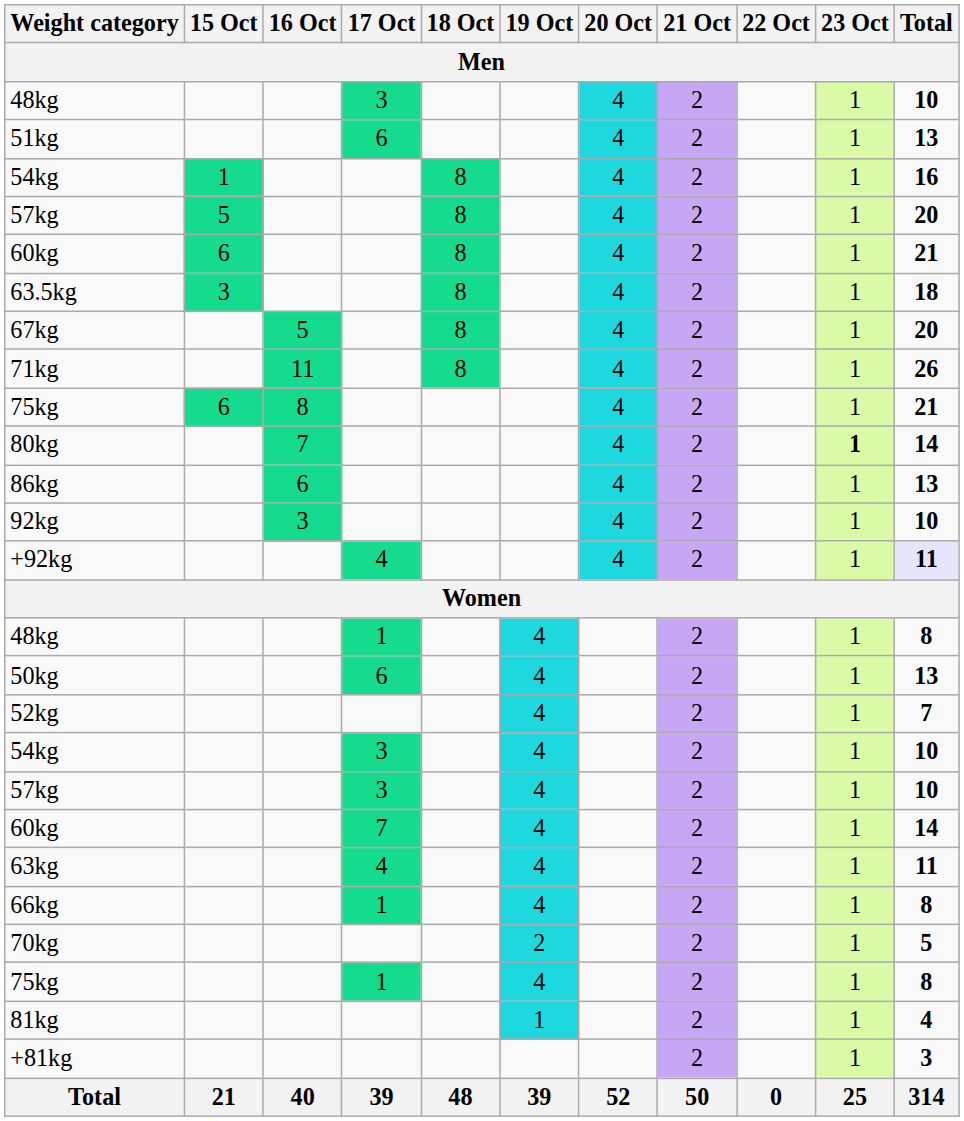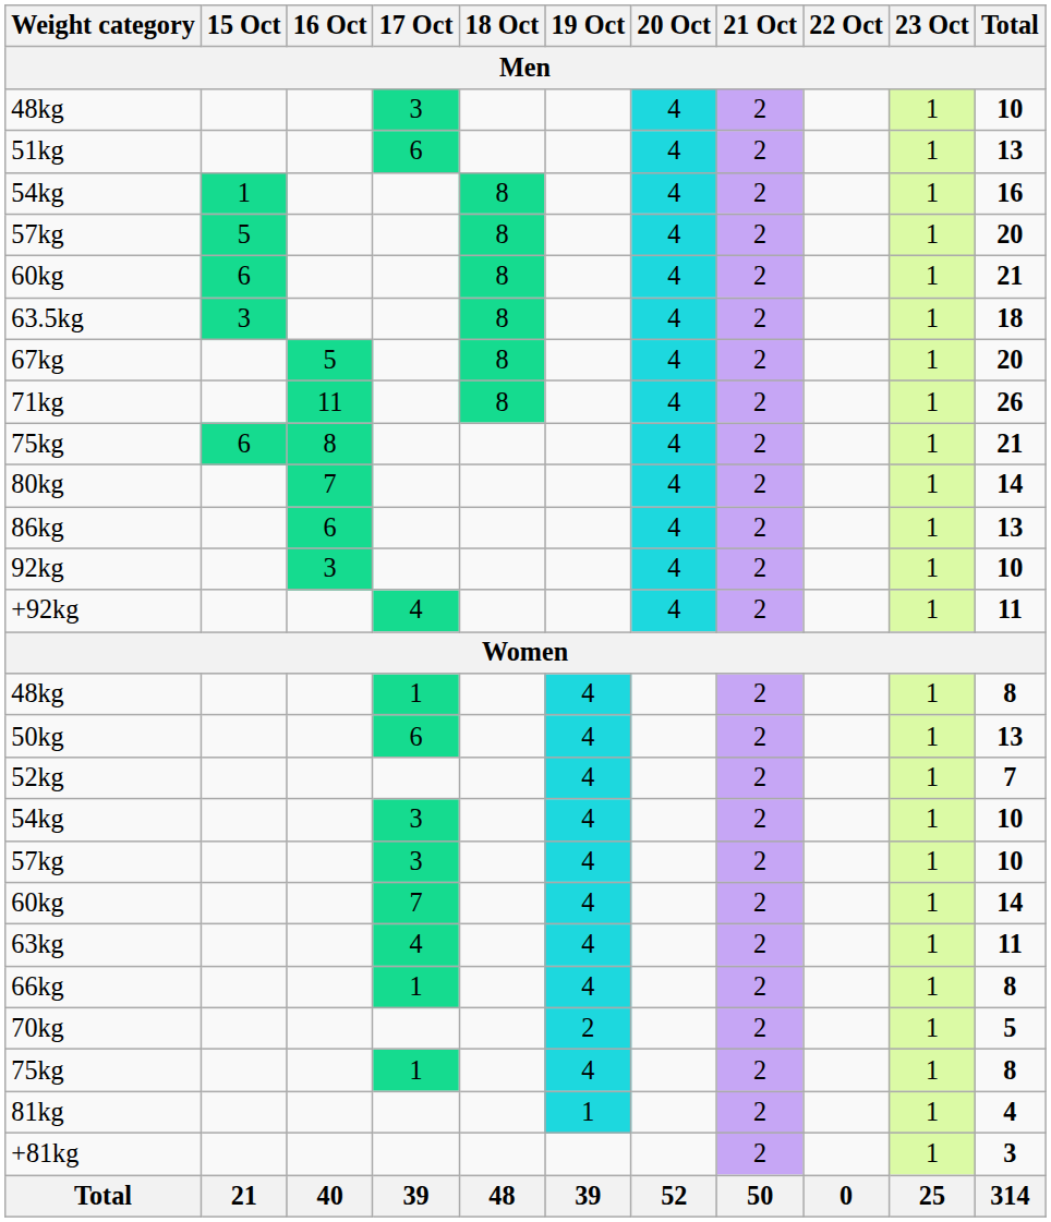 <table class=wikitable style="text-align:center">
 <tr>
 <th>Weight category</th>
 <th>15 Oct</th>
 <th>16 Oct</th>
 <th>17 Oct</th>
 <th>18 Oct</th>
 <th>19 Oct</th>
 <th>20 Oct</th>
 <th>21 Oct</th>
 <th>22 Oct</th>
 <th>23 Oct</th>
 <th>Total</th>
 </tr>
 <tr>
 <th colspan=11>Men</th>
 </tr>
 <tr>
 <td align=left>48kg</td>
 <td></td>
 <td></td>
 <td bgcolor=15DB8F>3</td>
 <td></td>
 <td></td>
 <td bgcolor=1DD8DE>4</td>
 <td bgcolor=C6A6F5>2</td>
 <td></td>
 <td bgcolor=DBFAA5>1</td>
 <td><strong>10</strong></td>
 </tr>
 <tr>
 <td align=left>51kg</td>
 <td></td>
 <td></td>
 <td bgcolor=15DB8F>6</td>
 <td></td>
 <td></td>
 <td bgcolor=1DD8DE>4</td>
 <td bgcolor=C6A6F5>2</td>
 <td></td>
 <td bgcolor=DBFAA5>1</td>
 <td><strong>13</strong></td>
 </tr>
 <tr>
 <td align=left>54kg</td>
 <td bgcolor=15DB8F>1</td>
 <td></td>
 <td></td>
 <td bgcolor=15DB8F>8</td>
 <td></td>
 <td bgcolor=1DD8DE>4</td>
 <td bgcolor=C6A6F5>2</td>
 <td></td>
 <td bgcolor=DBFAA5>1</td>
 <td><strong>16</strong></td>
 </tr>
 <tr>
 <td align=left>57kg</td>
 <td bgcolor=15DB8F>5</td>
 <td></td>
 <td></td>
 <td bgcolor=15DB8F>8</td>
 <td></td>
 <td bgcolor=1DD8DE>4</td>
 <td bgcolor=C6A6F5>2</td>
 <td></td>
 <td bgcolor=DBFAA5>1</td>
 <td><strong>20</strong></td>
 </tr>
 <tr>
 <td align=left>60kg</td>
 <td bgcolor=15DB8F>6</td>
 <td></td>
 <td></td>
 <td bgcolor=15DB8F>8</td>
 <td></td>
 <td bgcolor=1DD8DE>4</td>
 <td bgcolor=C6A6F5>2</td>
 <td></td>
 <td bgcolor=DBFAA5>1</td>
 <td><strong>21</strong></td>
 </tr>
 <tr>
 <td align=left>63.5kg</td>
 <td bgcolor=15DB8F>3</td>
 <td></td>
 <td></td>
 <td bgcolor=15DB8F>8</td>
 <td></td>
 <td bgcolor=1DD8DE>4</td>
 <td bgcolor=C6A6F5>2</td>
 <td></td>
 <td bgcolor=DBFAA5>1</td>
 <td><strong>18</strong></td>
 </tr>
 <tr>
 <td align=left>67kg</td>
 <td></td>
 <td bgcolor=15DB8F>5</td>
 <td></td>
 <td bgcolor=15DB8F>8</td>
 <td></td>
 <td bgcolor=1DD8DE>4</td>
 <td bgcolor=C6A6F5>2</td>
 <td></td>
 <td bgcolor=DBFAA5>1</td>
 <td><strong>20</strong></td>
 </tr>
 <tr>
 <td align=left>71kg</td>
 <td></td>
 <td bgcolor=15DB8F>11</td>
 <td></td>
 <td bgcolor=15DB8F>8</td>
 <td></td>
 <td bgcolor=1DD8DE>4</td>
 <td bgcolor=C6A6F5>2</td>
 <td></td>
 <td bgcolor=DBFAA5>1</td>
 <td><strong>26</strong></td>
 </tr>
 <tr>
 <td align=left>75kg</td>
 <td bgcolor=15DB8F>6</td>
 <td bgcolor=15DB8F>8</td>
 <td></td>
 <td></td>
 <td></td>
 <td bgcolor=1DD8DE>4</td>
 <td bgcolor=C6A6F5>2</td>
 <td></td>
 <td bgcolor=DBFAA5>1</td>
 <td><strong>21</strong></td>
 </tr>
 <tr>
 <td align=left>80kg</td>
 <td></td>
 <td bgcolor=15DB8F>7</td>
 <td></td>
 <td></td>
 <td></td>
 <td bgcolor=1DD8DE>4</td>
 <td bgcolor=C6A6F5>2</td>
 <td></td>
-<td bgcolor=DBFAA5><strong>1</strong></td>
+<td bgcolor=DBFAA5>1</td>
 <td><strong>14</strong></td>
 </tr>
 <tr>
 <td align=left>86kg</td>
 <td></td>
 <td bgcolor=15DB8F>6</td>
 <td></td>
 <td></td>
 <td></td>
 <td bgcolor=1DD8DE>4</td>
 <td bgcolor=C6A6F5>2</td>
 <td></td>
 <td bgcolor=DBFAA5>1</td>
 <td><strong>13</strong></td>
 </tr>
 <tr>
 <td align=left>92kg</td>
 <td></td>
 <td bgcolor=15DB8F>3</td>
 <td></td>
 <td></td>
 <td></td>
 <td bgcolor=1DD8DE>4</td>
 <td bgcolor=C6A6F5>2</td>
 <td></td>
 <td bgcolor=DBFAA5>1</td>
 <td><strong>10</strong></td>
 </tr>
 <tr>
 <td align=left>+92kg</td>
 <td></td>
 <td></td>
 <td bgcolor=15DB8F>4</td>
 <td></td>
 <td></td>
 <td bgcolor=1DD8DE>4</td>
 <td bgcolor=C6A6F5>2</td>
 <td></td>
 <td bgcolor=DBFAA5>1</td>
-<td style="background: lavender;"><strong>11</strong></td>
+<td><strong>11</strong></td>
 </tr>
 <tr>
 <th colspan=11>Women</th>
 </tr>
 <tr>
 <td align=left>48kg</td>
 <td></td>
 <td></td>
 <td bgcolor=15DB8F>1</td>
 <td></td>
 <td bgcolor=1DD8DE>4</td>
 <td></td>
 <td bgcolor=C6A6F5>2</td>
 <td></td>
 <td bgcolor=DBFAA5>1</td>
 <td><strong>8</strong></td>
 </tr>
 <tr>
 <td align=left>50kg</td>
 <td></td>
 <td></td>
 <td bgcolor=15DB8F>6</td>
 <td></td>
 <td bgcolor=1DD8DE>4</td>
 <td></td>
 <td bgcolor=C6A6F5>2</td>
 <td></td>
 <td bgcolor=DBFAA5>1</td>
 <td><strong>13</strong></td>
 </tr>
 <tr>
 <td align=left>52kg</td>
 <td></td>
 <td></td>
 <td></td>
 <td></td>
 <td bgcolor=1DD8DE>4</td>
 <td></td>
 <td bgcolor=C6A6F5>2</td>
 <td></td>
 <td bgcolor=DBFAA5>1</td>
 <td><strong>7</strong></td>
 </tr>
 <tr>
 <td align=left>54kg</td>
 <td></td>
 <td></td>
 <td bgcolor=15DB8F>3</td>
 <td></td>
 <td bgcolor=1DD8DE>4</td>
 <td></td>
 <td bgcolor=C6A6F5>2</td>
 <td></td>
 <td bgcolor=DBFAA5>1</td>
 <td><strong>10</strong></td>
 </tr>
 <tr>
 <td align=left>57kg</td>
 <td></td>
 <td></td>
 <td bgcolor=15DB8F>3</td>
 <td></td>
 <td bgcolor=1DD8DE>4</td>
 <td></td>
 <td bgcolor=C6A6F5>2</td>
 <td></td>
 <td bgcolor=DBFAA5>1</td>
 <td><strong>10</strong></td>
 </tr>
 <tr>
 <td align=left>60kg</td>
 <td></td>
 <td></td>
 <td bgcolor=15DB8F>7</td>
 <td></td>
 <td bgcolor=1DD8DE>4</td>
 <td></td>
 <td bgcolor=C6A6F5>2</td>
 <td></td>
 <td bgcolor=DBFAA5>1</td>
 <td><strong>14</strong></td>
 </tr>
 <tr>
 <td align=left>63kg</td>
 <td></td>
 <td></td>
 <td bgcolor=15DB8F>4</td>
 <td></td>
 <td bgcolor=1DD8DE>4</td>
 <td></td>
 <td bgcolor=C6A6F5>2</td>
 <td></td>
 <td bgcolor=DBFAA5>1</td>
 <td><strong>11</strong></td>
 </tr>
 <tr>
 <td align=left>66kg</td>
 <td></td>
 <td></td>
 <td bgcolor=15DB8F>1</td>
 <td></td>
 <td bgcolor=1DD8DE>4</td>
 <td></td>
 <td bgcolor=C6A6F5>2</td>
 <td></td>
 <td bgcolor=DBFAA5>1</td>
 <td><strong>8</strong></td>
 </tr>
 <tr>
 <td align=left>70kg</td>
 <td></td>
 <td></td>
 <td></td>
 <td></td>
 <td bgcolor=1DD8DE>2</td>
 <td></td>
 <td bgcolor=C6A6F5>2</td>
 <td></td>
 <td bgcolor=DBFAA5>1</td>
 <td><strong>5</strong></td>
 </tr>
 <tr>
 <td align=left>75kg</td>
 <td></td>
 <td></td>
 <td bgcolor=15DB8F>1</td>
 <td></td>
 <td bgcolor=1DD8DE>4</td>
 <td></td>
 <td bgcolor=C6A6F5>2</td>
 <td></td>
 <td bgcolor=DBFAA5>1</td>
 <td><strong>8</strong></td>
 </tr>
 <tr>
 <td align=left>81kg</td>
 <td></td>
 <td></td>
 <td></td>
 <td></td>
 <td bgcolor=1DD8DE>1</td>
 <td></td>
 <td bgcolor=C6A6F5>2</td>
 <td></td>
 <td bgcolor=DBFAA5>1</td>
 <td><strong>4</strong></td>
 </tr>
 <tr>
 <td align=left>+81kg</td>
 <td></td>
 <td></td>
 <td></td>
 <td></td>
 <td></td>
 <td></td>
 <td bgcolor=C6A6F5>2</td>
 <td></td>
 <td bgcolor=DBFAA5>1</td>
 <td><strong>3</strong></td>
 </tr>
 <tr>
 <th>Total</th>
 <th>21</th>
 <th>40</th>
 <th>39</th>
 <th>48</th>
 <th>39</th>
 <th>52</th>
 <th>50</th>
 <th>0</th>
 <th>25</th>
 <th>314</th>
 </tr>
 </table>
